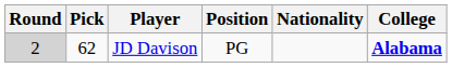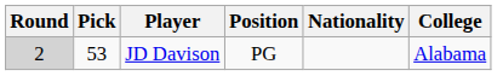 <table class="wikitable sortable sortable">
 <tr>
 <th>Round</th>
 <th>Pick</th>
 <th>Player</th>
 <th>Position</th>
 <th>Nationality</th>
 <th>College</th>
 </tr>
 <tr style="text-align: center">
 <td style="background: lightgrey;">2</td>
-<td>62</td>
+<td>53</td>
 <td><a href='#'>JD Davison</a></td>
 <td>PG</td>
 <td></td>
-<td><strong><a href='#'>Alabama</a></strong></td>
+<td><a href='#'>Alabama</a></td>
 </tr>
 </table>
